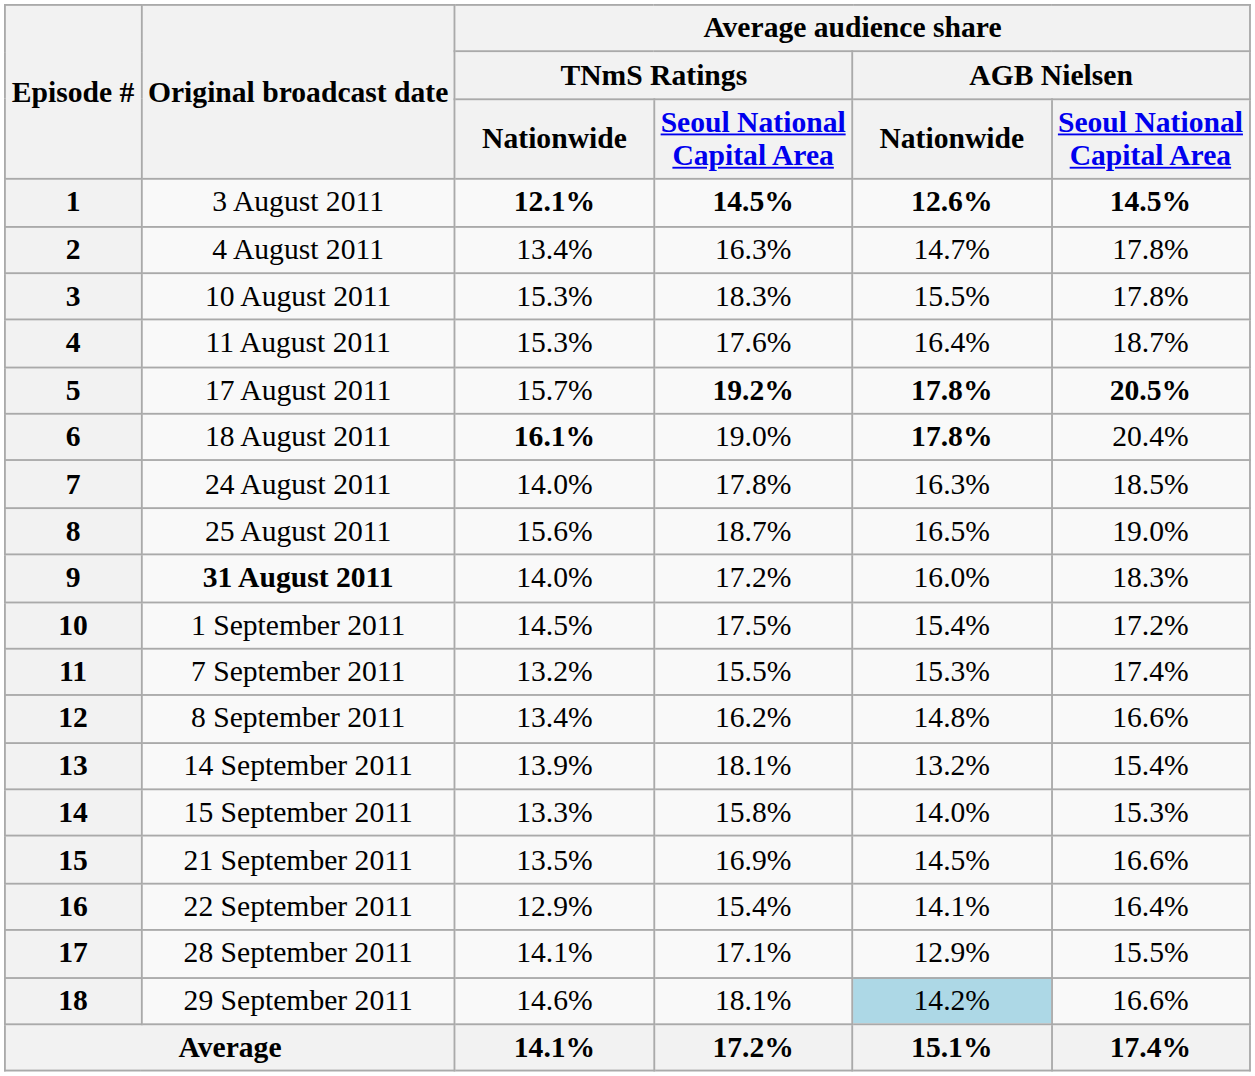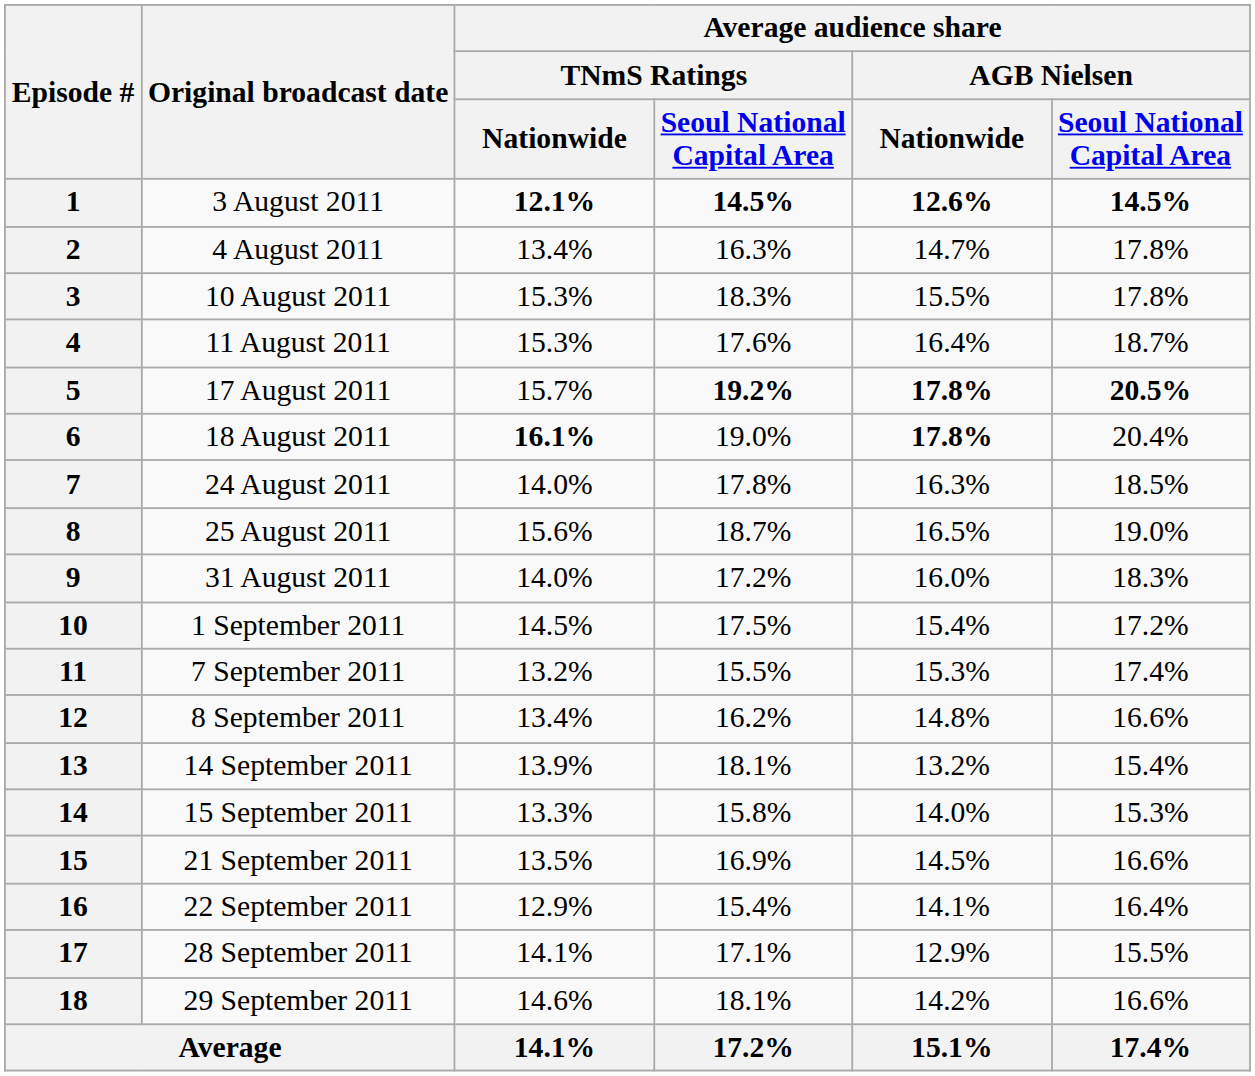 <table class=wikitable style="text-align:center">
 <tr>
 <th rowspan="3">Episode #</th>
 <th rowspan="3">Original broadcast date</th>
 <th colspan="4">Average audience share</th>
 </tr>
 <tr>
 <th colspan="2">TNmS Ratings</th>
 <th colspan="2">AGB Nielsen</th>
 </tr>
 <tr>
 <th width=100>Nationwide</th>
 <th width=100><a href='#'>Seoul National Capital Area</a></th>
 <th width=100>Nationwide</th>
 <th width=100><a href='#'>Seoul National Capital Area</a></th>
 </tr>
 <tr>
 <th>1</th>
 <td>3 August 2011</td>
 <td><span><strong>12.1%</strong></span></td>
 <td><span><strong>14.5%</strong></span></td>
 <td><span><strong>12.6%</strong></span></td>
 <td><span><strong>14.5%</strong></span></td>
 </tr>
 <tr>
 <th>2</th>
 <td>4 August 2011</td>
 <td>13.4%</td>
 <td>16.3%</td>
 <td>14.7%</td>
 <td>17.8%</td>
 </tr>
 <tr>
 <th>3</th>
 <td>10 August 2011</td>
 <td>15.3%</td>
 <td>18.3%</td>
 <td>15.5%</td>
 <td>17.8%</td>
 </tr>
 <tr>
 <th>4</th>
 <td>11 August 2011</td>
 <td>15.3%</td>
 <td>17.6%</td>
 <td>16.4%</td>
 <td>18.7%</td>
 </tr>
 <tr>
 <th>5</th>
 <td>17 August 2011</td>
 <td>15.7%</td>
 <td><span><strong>19.2%</strong></span></td>
 <td><span><strong>17.8%</strong></span></td>
 <td><span><strong>20.5%</strong></span></td>
 </tr>
 <tr>
 <th>6</th>
 <td>18 August 2011</td>
 <td><span><strong>16.1%</strong></span></td>
 <td>19.0%</td>
 <td><span><strong>17.8%</strong></span></td>
 <td>20.4%</td>
 </tr>
 <tr>
 <th>7</th>
 <td>24 August 2011</td>
 <td>14.0%</td>
 <td>17.8%</td>
 <td>16.3%</td>
 <td>18.5%</td>
 </tr>
 <tr>
 <th>8</th>
 <td>25 August 2011</td>
 <td>15.6%</td>
 <td>18.7%</td>
 <td>16.5%</td>
 <td>19.0%</td>
 </tr>
 <tr>
 <th>9</th>
-<td><strong>31 August 2011</strong></td>
+<td>31 August 2011</td>
 <td>14.0%</td>
 <td>17.2%</td>
 <td>16.0%</td>
 <td>18.3%</td>
 </tr>
 <tr>
 <th>10</th>
 <td>1 September 2011</td>
 <td>14.5%</td>
 <td>17.5%</td>
 <td>15.4%</td>
 <td>17.2%</td>
 </tr>
 <tr>
 <th>11</th>
 <td>7 September 2011</td>
 <td>13.2%</td>
 <td>15.5%</td>
 <td>15.3%</td>
 <td>17.4%</td>
 </tr>
 <tr>
 <th>12</th>
 <td>8 September 2011</td>
 <td>13.4%</td>
 <td>16.2%</td>
 <td>14.8%</td>
 <td>16.6%</td>
 </tr>
 <tr>
 <th>13</th>
 <td>14 September 2011</td>
 <td>13.9%</td>
 <td>18.1%</td>
 <td>13.2%</td>
 <td>15.4%</td>
 </tr>
 <tr>
 <th>14</th>
 <td>15 September 2011</td>
 <td>13.3%</td>
 <td>15.8%</td>
 <td>14.0%</td>
 <td>15.3%</td>
 </tr>
 <tr>
 <th>15</th>
 <td>21 September 2011</td>
 <td>13.5%</td>
 <td>16.9%</td>
 <td>14.5%</td>
 <td>16.6%</td>
 </tr>
 <tr>
 <th>16</th>
 <td>22 September 2011</td>
 <td>12.9%</td>
 <td>15.4%</td>
 <td>14.1%</td>
 <td>16.4%</td>
 </tr>
 <tr>
 <th>17</th>
 <td>28 September 2011</td>
 <td>14.1%</td>
 <td>17.1%</td>
 <td>12.9%</td>
 <td>15.5%</td>
 </tr>
 <tr>
 <th>18</th>
 <td>29 September 2011</td>
 <td>14.6%</td>
 <td>18.1%</td>
-<td style="background: lightblue;">14.2%</td>
+<td>14.2%</td>
 <td>16.6%</td>
 </tr>
 <tr>
 <th colspan=2>Average</th>
 <th>14.1%</th>
 <th>17.2%</th>
 <th>15.1%</th>
 <th>17.4%</th>
 </tr>
 </table>
